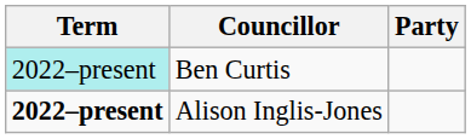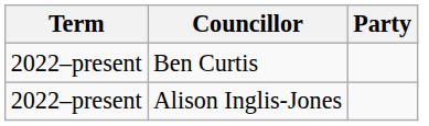 <table class="wikitable">
 <tr>
 <th>Term</th>
 <th>Councillor</th>
 <th colspan=2>Party</th>
 </tr>
 <tr>
-<td style="background: paleturquoise;">2022–present</td>
+<td>2022–present</td>
 <td>Ben Curtis</td>
 <td></td>
 </tr>
 <tr>
-<td><strong>2022–present</strong></td>
+<td>2022–present</td>
 <td>Alison Inglis-Jones</td>
 <td></td>
 </tr>
 </table>
